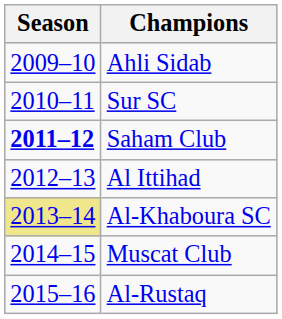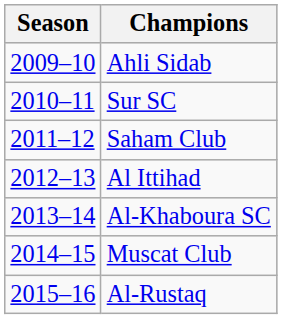 <table class="wikitable">
 <tr>
 <th><strong>Season</strong></th>
 <th><strong>Champions</strong></th>
 </tr>
 <tr>
 <td><a href='#'>2009–10</a></td>
 <td><a href='#'>Ahli Sidab</a></td>
 </tr>
 <tr>
 <td><a href='#'>2010–11</a></td>
 <td><a href='#'>Sur SC</a></td>
 </tr>
 <tr>
-<td><strong><a href='#'>2011–12</a></strong></td>
+<td><a href='#'>2011–12</a></td>
 <td><a href='#'>Saham Club</a></td>
 </tr>
 <tr>
 <td><a href='#'>2012–13</a></td>
 <td><a href='#'>Al Ittihad</a></td>
 </tr>
 <tr j>
-<td style="background: khaki;"><a href='#'>2013–14</a></td>
+<td><a href='#'>2013–14</a></td>
 <td><a href='#'>Al-Khaboura SC</a></td>
 </tr>
 <tr>
 <td><a href='#'>2014–15</a></td>
 <td><a href='#'>Muscat Club</a></td>
 </tr>
 <tr>
 <td><a href='#'>2015–16</a></td>
 <td><a href='#'>Al-Rustaq</a></td>
 </tr>
 </table>
